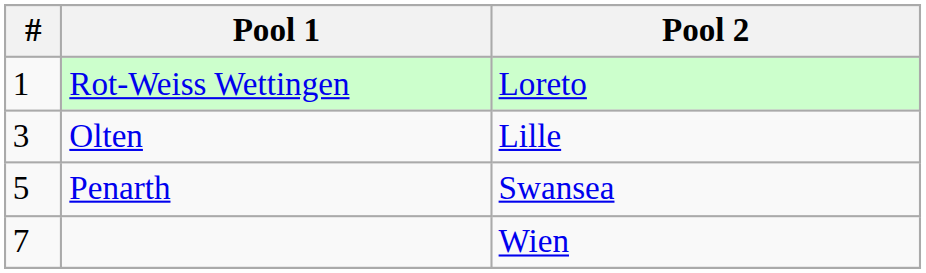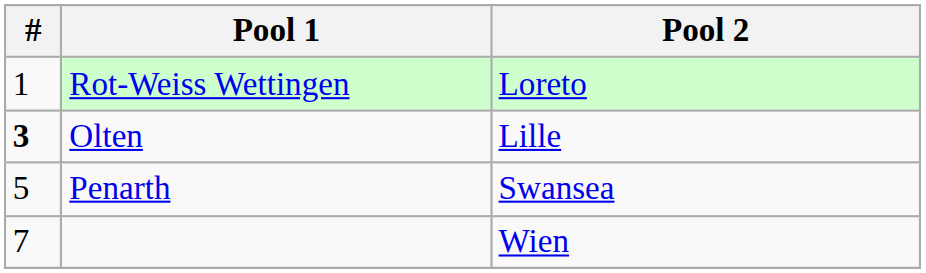 <table class=wikitable>
 <tr align=center>
 </tr>
 <tr>
 <th width=20>#</th>
 <th width=200>Pool 1</th>
 <th width=200>Pool 2</th>
 </tr>
 <tr>
 <td>1</td>
 <td style="background:#cfc;"> <a href='#'>Rot-Weiss Wettingen</a></td>
 <td style="background:#cfc;"> <a href='#'>Loreto</a></td>
 </tr>
 <tr>
-<td>3</td>
+<td><strong>3</strong></td>
 <td> <a href='#'>Olten</a></td>
 <td> <a href='#'>Lille</a></td>
 </tr>
 <tr>
 <td>5</td>
 <td> <a href='#'>Penarth</a></td>
 <td> <a href='#'>Swansea</a></td>
 </tr>
 <tr>
 <td>7</td>
 <td></td>
 <td> <a href='#'>Wien</a></td>
 </tr>
 <tr>
 </tr>
 </table>
